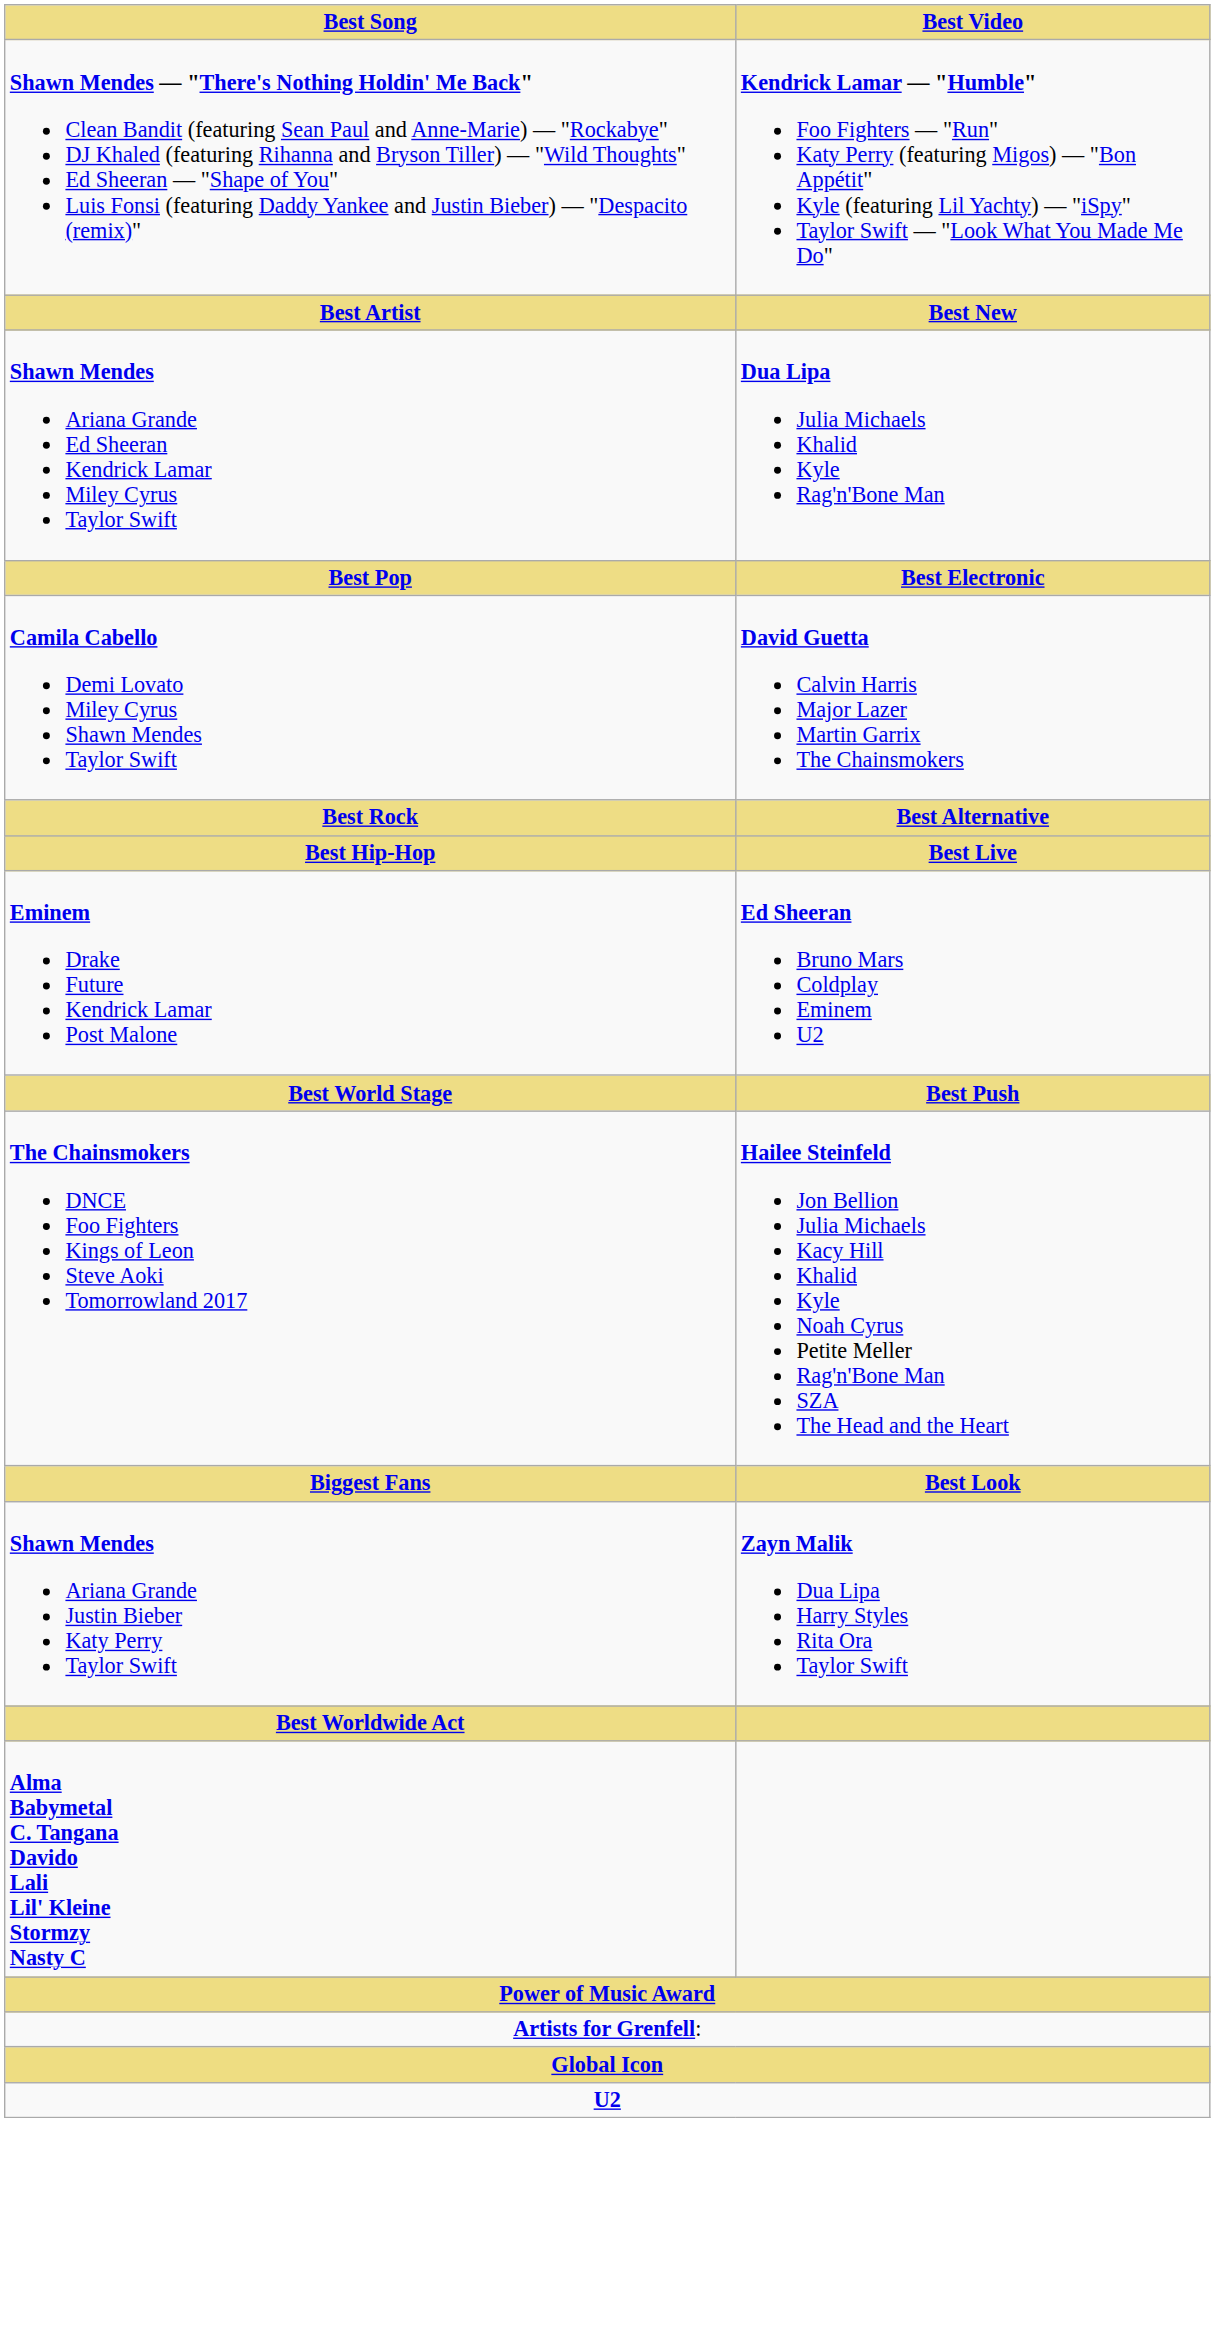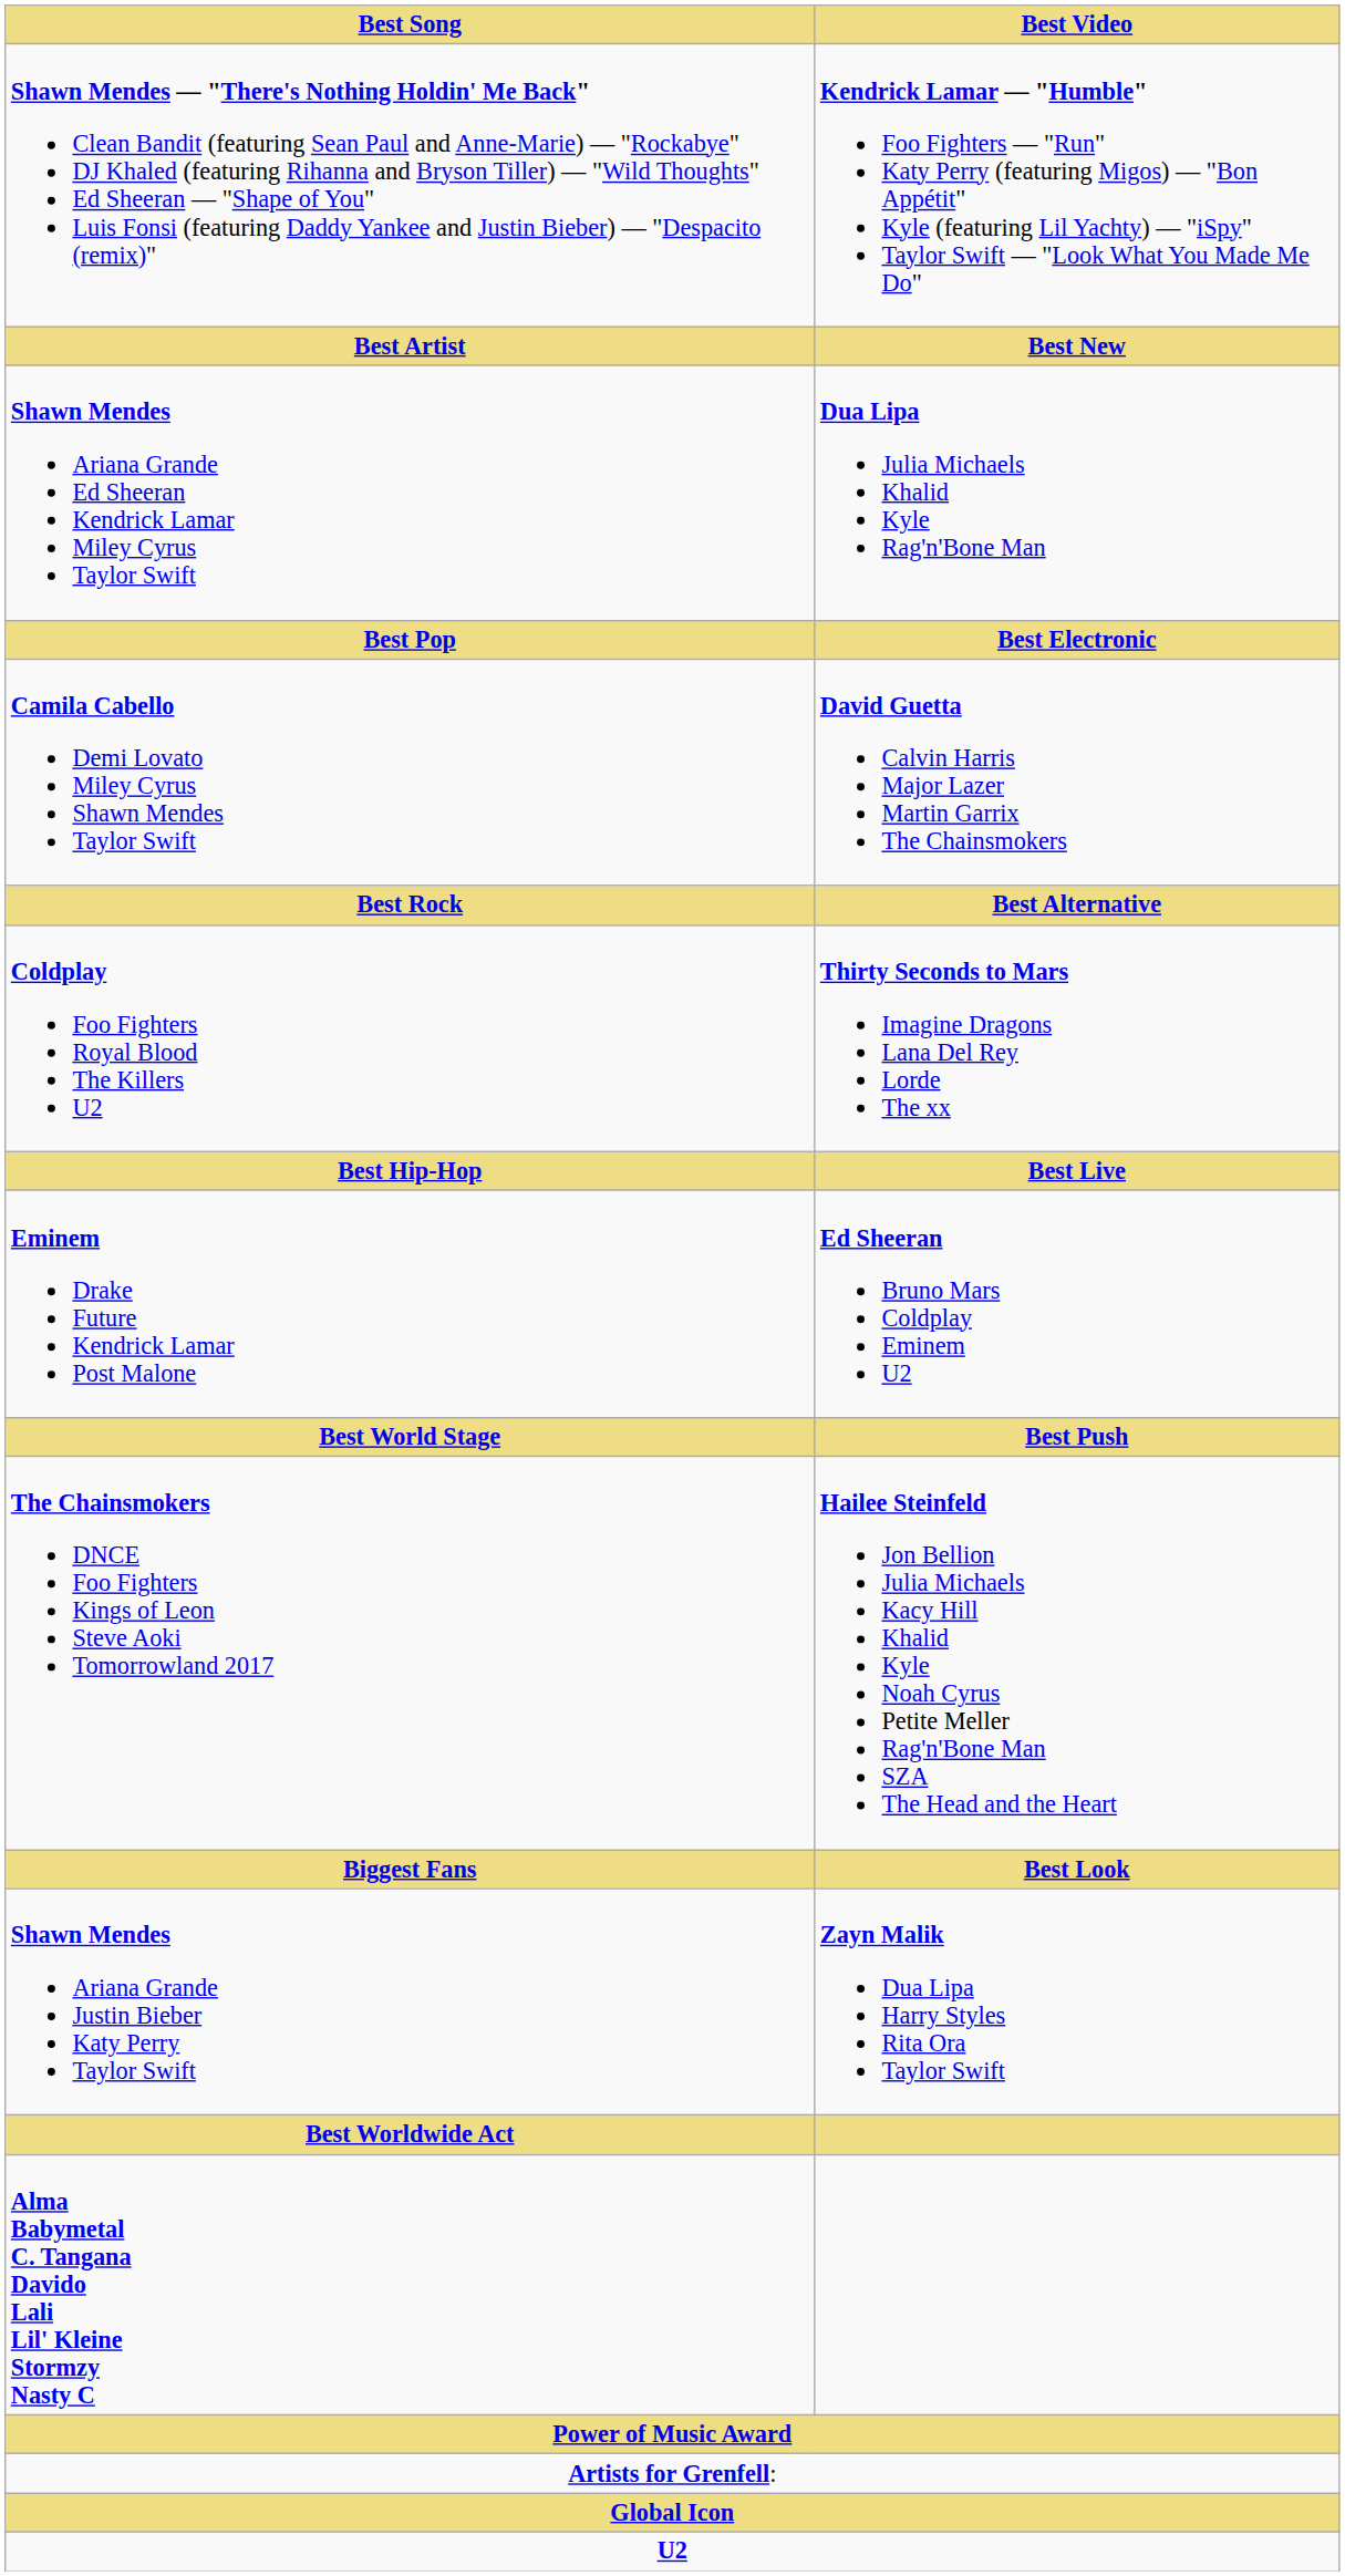 <table class=wikitable style="width=100%">
 <tr>
 <th style="background:#EEDD85; width=50%"><a href='#'>Best Song</a></th>
 <th style="background:#EEDD85; width=50%"><a href='#'>Best Video</a></th>
 </tr>
 <tr>
 <td valign="top"><br><strong><a href='#'>Shawn Mendes</a> — "<a href='#'>There's Nothing Holdin' Me Back</a>"</strong><ul><li><a href='#'>Clean Bandit</a> (featuring <a href='#'>Sean Paul</a> and <a href='#'>Anne-Marie</a>) — "<a href='#'>Rockabye</a>"</li><li><a href='#'>DJ Khaled</a> (featuring <a href='#'>Rihanna</a> and <a href='#'>Bryson Tiller</a>) — "<a href='#'>Wild Thoughts</a>"</li><li><a href='#'>Ed Sheeran</a> — "<a href='#'>Shape of You</a>"</li><li><a href='#'>Luis Fonsi</a> (featuring <a href='#'>Daddy Yankee</a> and <a href='#'>Justin Bieber</a>) — "<a href='#'>Despacito (remix)</a>"</li></ul></td>
 <td valign="top"><br><strong><a href='#'>Kendrick Lamar</a> — "<a href='#'>Humble</a>"</strong><ul><li><a href='#'>Foo Fighters</a> — "<a href='#'>Run</a>"</li><li><a href='#'>Katy Perry</a> (featuring <a href='#'>Migos</a>) — "<a href='#'>Bon Appétit</a>"</li><li><a href='#'>Kyle</a> (featuring <a href='#'>Lil Yachty</a>) — "<a href='#'>iSpy</a>"</li><li><a href='#'>Taylor Swift</a> — "<a href='#'>Look What You Made Me Do</a>"</li></ul></td>
 </tr>
 <tr>
 <th style="background:#EEDD85; width=50%"><a href='#'>Best Artist</a></th>
 <th style="background:#EEDD85; width=50%"><a href='#'>Best New</a></th>
 </tr>
 <tr>
 <td valign="top"><br><strong><a href='#'>Shawn Mendes</a></strong><ul><li><a href='#'>Ariana Grande</a></li><li><a href='#'>Ed Sheeran</a></li><li><a href='#'>Kendrick Lamar</a></li><li><a href='#'>Miley Cyrus</a></li><li><a href='#'>Taylor Swift</a></li></ul></td>
 <td valign="top"><br><strong><a href='#'>Dua Lipa</a></strong><ul><li><a href='#'>Julia Michaels</a></li><li><a href='#'>Khalid</a></li><li><a href='#'>Kyle</a></li><li><a href='#'>Rag'n'Bone Man</a></li></ul></td>
 </tr>
 <tr>
 <th style="background:#EEDD85; width=50%"><a href='#'>Best Pop</a></th>
 <th style="background:#EEDD85; width=50%"><a href='#'>Best Electronic</a></th>
 </tr>
 <tr>
 <td valign="top"><br><strong><a href='#'>Camila Cabello</a></strong><ul><li><a href='#'>Demi Lovato</a></li><li><a href='#'>Miley Cyrus</a></li><li><a href='#'>Shawn Mendes</a></li><li><a href='#'>Taylor Swift</a></li></ul></td>
 <td valign="top"><br><strong><a href='#'>David Guetta</a></strong><ul><li><a href='#'>Calvin Harris</a></li><li><a href='#'>Major Lazer</a></li><li><a href='#'>Martin Garrix</a></li><li><a href='#'>The Chainsmokers</a></li></ul></td>
 </tr>
 <tr>
 <th style="background:#EEDD85; width=50%"><a href='#'>Best Rock</a></th>
 <th style="background:#EEDD85; width=50%"><a href='#'>Best Alternative</a></th>
+</tr>
+<tr>
+<td valign="top"><br><strong><a href='#'>Coldplay</a></strong><ul><li><a href='#'>Foo Fighters</a></li><li><a href='#'>Royal Blood</a></li><li><a href='#'>The Killers</a></li><li><a href='#'>U2</a></li></ul></td>
+<td valign="top"><br><strong><a href='#'>Thirty Seconds to Mars</a></strong><ul><li><a href='#'>Imagine Dragons</a></li><li><a href='#'>Lana Del Rey</a></li><li><a href='#'>Lorde</a></li><li><a href='#'>The xx</a></li></ul></td>
 </tr>
 <tr>
 <th style="background:#EEDD85; width=50%"><a href='#'>Best Hip-Hop</a></th>
 <th style="background:#EEDD85; width=50%"><a href='#'>Best Live</a></th>
 </tr>
 <tr>
 <td valign="top"><br><strong><a href='#'>Eminem</a></strong><ul><li><a href='#'>Drake</a></li><li><a href='#'>Future</a></li><li><a href='#'>Kendrick Lamar</a></li><li><a href='#'>Post Malone</a></li></ul></td>
 <td valign="top"><br><strong><a href='#'>Ed Sheeran</a></strong><ul><li><a href='#'>Bruno Mars</a></li><li><a href='#'>Coldplay</a></li><li><a href='#'>Eminem</a></li><li><a href='#'>U2</a></li></ul></td>
 </tr>
 <tr>
 <th style="background:#EEDD85; width=50%"><a href='#'>Best World Stage</a></th>
 <th style="background:#EEDD85; width=50%"><a href='#'>Best Push</a></th>
 </tr>
 <tr>
 <td valign="top"><br><strong><a href='#'>The Chainsmokers</a></strong><ul><li><a href='#'>DNCE</a></li><li><a href='#'>Foo Fighters</a></li><li><a href='#'>Kings of Leon</a></li><li><a href='#'>Steve Aoki</a></li><li><a href='#'>Tomorrowland 2017</a></li></ul></td>
 <td valign="top"><br><strong><a href='#'>Hailee Steinfeld</a></strong><ul><li><a href='#'>Jon Bellion</a></li><li><a href='#'>Julia Michaels</a></li><li><a href='#'>Kacy Hill</a></li><li><a href='#'>Khalid</a></li><li><a href='#'>Kyle</a></li><li><a href='#'>Noah Cyrus</a></li><li>Petite Meller</li><li><a href='#'>Rag'n'Bone Man</a></li><li><a href='#'>SZA</a></li><li><a href='#'>The Head and the Heart</a></li></ul></td>
 </tr>
 <tr>
 <th style="background:#EEDD85; width=50%"><a href='#'>Biggest Fans</a></th>
 <th style="background:#EEDD85; width=50%"><a href='#'>Best Look</a></th>
 </tr>
 <tr>
 <td valign="top"><br><strong><a href='#'>Shawn Mendes</a></strong><ul><li><a href='#'>Ariana Grande</a></li><li><a href='#'>Justin Bieber</a></li><li><a href='#'>Katy Perry</a></li><li><a href='#'>Taylor Swift</a></li></ul></td>
 <td valign="top"><br><strong><a href='#'>Zayn Malik</a></strong><ul><li><a href='#'>Dua Lipa</a></li><li><a href='#'>Harry Styles</a></li><li><a href='#'>Rita Ora</a></li><li><a href='#'>Taylor Swift</a></li></ul></td>
 </tr>
 <tr>
 <th style="background:#EEDD85; width=50%"><a href='#'>Best Worldwide Act</a></th>
 <th style="background:#EEDD85; width=50%"></th>
 </tr>
 <tr>
 <td valign="top"><br><strong><a href='#'>Alma</a></strong><br> <strong><a href='#'>Babymetal</a></strong><br> <strong><a href='#'>C. Tangana</a></strong><br> <strong><a href='#'>Davido</a></strong><br> <strong><a href='#'>Lali</a></strong><br> <strong><a href='#'>Lil' Kleine</a></strong><br> <strong><a href='#'>Stormzy</a></strong><br> <strong><a href='#'>Nasty C</a></strong></td>
 <td valign="top"></td>
 </tr>
 <tr>
 <th style="background:#EEDD82; width=50%" colspan="2"><a href='#'>Power of Music Award</a></th>
 </tr>
 <tr>
 <td colspan="2" style="text-align: center;"><strong><a href='#'>Artists for Grenfell</a></strong>: </td>
 </tr>
 <tr>
 <th style="background:#EEDD82; width=50%" colspan="2"><a href='#'>Global Icon</a></th>
 </tr>
 <tr>
 <td colspan="2" style="text-align: center;"><strong><a href='#'>U2</a></strong></td>
 </tr>
 </table>
